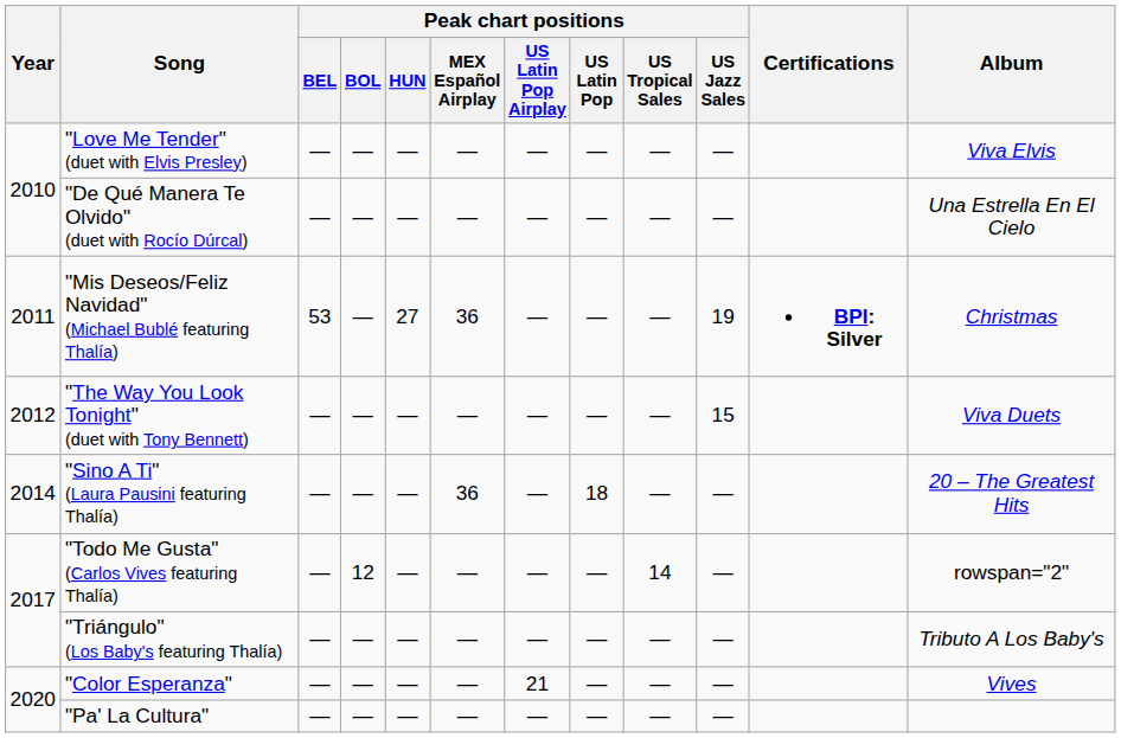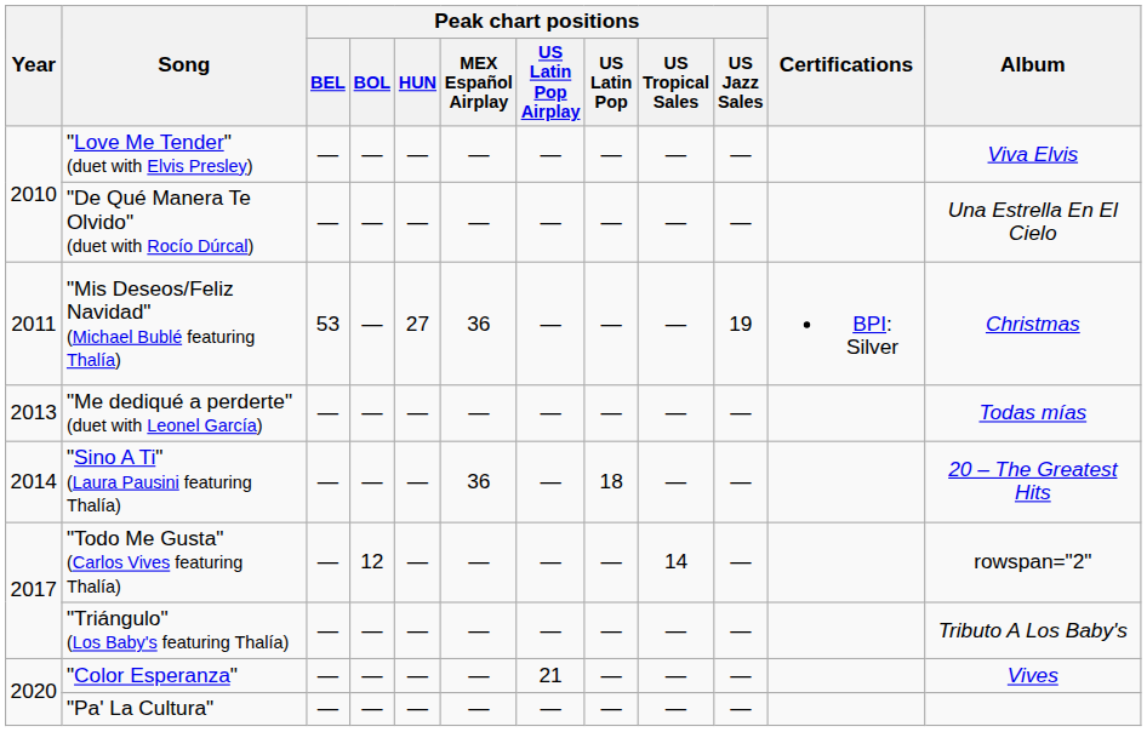 <table class="wikitable" style="text-align:center;">
 <tr>
 <th rowspan="2">Year</th>
 <th rowspan="2">Song</th>
 <th colspan="8">Peak chart positions</th>
 <th rowspan="2">Certifications</th>
 <th rowspan="2">Album</th>
 </tr>
 <tr style="font-size:smaller;">
 <th><a href='#'>BEL</a><br></th>
 <th><a href='#'>BOL</a><br></th>
 <th><a href='#'>HUN</a><br></th>
 <th>MEX<br>Español<br>Airplay<br></th>
 <th><a href='#'>US<br>Latin<br>Pop<br>Airplay</a><br></th>
 <th width="35">US<br>Latin<br>Pop<br></th>
 <th width="35">US<br>Tropical<br>Sales<br></th>
 <th width="35">US<br>Jazz<br>Sales<br></th>
 </tr>
 <tr>
 <td rowspan="2">2010</td>
 <td align="left">"<a href='#'>Love Me Tender</a>" <br><small>(duet with <a href='#'>Elvis Presley</a>)</small></td>
 <td>—</td>
 <td>—</td>
 <td>—</td>
 <td>—</td>
 <td>—</td>
 <td>—</td>
 <td>—</td>
 <td>—</td>
 <td></td>
 <td><em><a href='#'>Viva Elvis</a></em></td>
 </tr>
 <tr>
 <td align="left">"De Qué Manera Te Olvido" <br><small>(duet with <a href='#'>Rocío Dúrcal</a>)</small></td>
 <td>—</td>
 <td>—</td>
 <td>—</td>
 <td>—</td>
 <td>—</td>
 <td>—</td>
 <td>—</td>
 <td>—</td>
 <td></td>
 <td><em>Una Estrella En El Cielo</em></td>
 </tr>
 <tr>
 <td rowspan="1">2011</td>
 <td align="left">"Mis Deseos/Feliz Navidad" <br><small>(<a href='#'>Michael Bublé</a> featuring <a href='#'>Thalía</a>)</small></td>
 <td>53</td>
 <td>—</td>
 <td>27</td>
 <td>36</td>
 <td>—</td>
 <td>—</td>
 <td>—</td>
 <td>19</td>
-<td><strong><br><ul><li><a href='#'>BPI</a>: Silver</li></ul></strong></td>
+<td><br><ul><li><a href='#'>BPI</a>: Silver</li></ul></td>
 <td><em><a href='#'>Christmas</a></em></td>
 </tr>
 <tr>
-<td rowspan="1">2012</td>
-<td align="left">"<a href='#'>The Way You Look Tonight</a>" <br><small>(duet with <a href='#'>Tony Bennett</a>)</small></td>
+<td rowspan="1">2013</td>
+<td align="left">"Me dediqué a perderte" <br><small>(duet with <a href='#'>Leonel García</a>)</small></td>
 <td>—</td>
 <td>—</td>
 <td>—</td>
 <td>—</td>
 <td>—</td>
 <td>—</td>
 <td>—</td>
-<td>15</td>
+<td>—</td>
 <td></td>
-<td><em><a href='#'>Viva Duets</a></em></td>
+<td><em><a href='#'>Todas mías</a></em></td>
 </tr>
 <tr>
 <td rowspan="1">2014</td>
 <td align="left">"<a href='#'>Sino A Ti</a>" <br><small>(<a href='#'>Laura Pausini</a> featuring Thalía)</small></td>
 <td>—</td>
 <td>—</td>
 <td>—</td>
 <td>36</td>
 <td>—</td>
 <td>18</td>
 <td>—</td>
 <td>—</td>
 <td></td>
 <td><em><a href='#'>20 – The Greatest Hits</a></em></td>
 </tr>
 <tr>
 <td rowspan="2">2017</td>
 <td align="left">"Todo Me Gusta" <br><small>(<a href='#'>Carlos Vives</a> featuring Thalía)</small></td>
 <td>—</td>
 <td>12</td>
 <td>—</td>
 <td>—</td>
 <td>—</td>
 <td>—</td>
 <td>14</td>
 <td>—</td>
 <td></td>
 <td>rowspan="2" </td>
 </tr>
 <tr>
 <td align="left">"Triángulo" <br><small>(<a href='#'>Los Baby's</a> featuring Thalía)</small></td>
 <td>—</td>
 <td>—</td>
 <td>—</td>
 <td>—</td>
 <td>—</td>
 <td>—</td>
 <td>—</td>
 <td>—</td>
 <td></td>
 <td><em>Tributo A Los Baby's</em></td>
 </tr>
 <tr>
 <td rowspan="2">2020</td>
 <td align="left">"<a href='#'>Color Esperanza</a>"<br></td>
 <td>—</td>
 <td>—</td>
 <td>—</td>
 <td>—</td>
 <td>21</td>
 <td>—</td>
 <td>—</td>
 <td>—</td>
 <td></td>
 <td><em><a href='#'>Vives</a></em></td>
 </tr>
 <tr>
 <td align="left">"Pa' La Cultura" <br></td>
 <td>—</td>
 <td>—</td>
 <td>—</td>
 <td>—</td>
 <td>—</td>
 <td>—</td>
 <td>—</td>
 <td>—</td>
 <td></td>
 </tr>
 </table>
